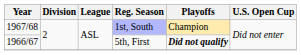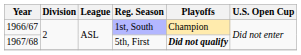 <table class="wikitable">
 <tr>
 <th>Year</th>
 <th>Division</th>
 <th>League</th>
 <th>Reg. Season</th>
 <th>Playoffs</th>
 <th>U.S. Open Cup</th>
 </tr>
 <tr>
-<td>1967/68</td>
+<td>1966/67</td>
 <td rowspan=2>2</td>
 <td rowspan=2>ASL</td>
 <td bgcolor="B3B7FF">1st, South</td>
 <td bgcolor="FFEBAD">Champion</td>
 <td rowspan=2><em>Did not enter</em></td>
 </tr>
 <tr>
-<td>1966/67</td>
+<td>1967/68</td>
 <td>5th, First</td>
 <td><strong><em>Did not qualify</em></strong></td>
 </tr>
 <tr>
 </tr>
 </table>
